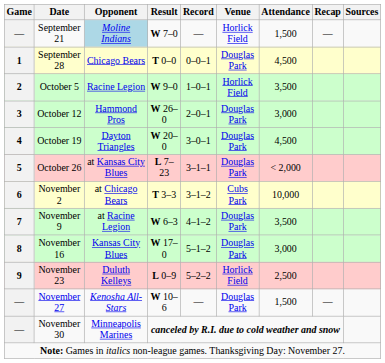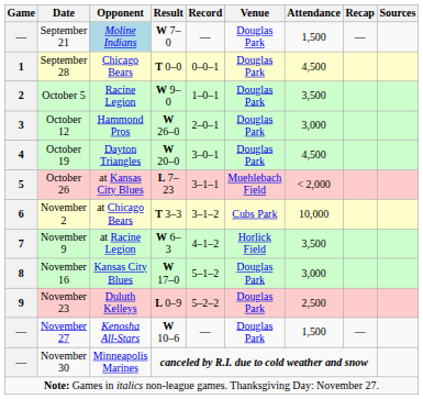 <table class="wikitable" style="text-align:center">
 <tr>
 <th>Game</th>
 <th>Date</th>
 <th>Opponent</th>
 <th>Result</th>
 <th>Record</th>
 <th>Venue</th>
 <th>Attendance</th>
 <th>Recap</th>
 <th>Sources</th>
 </tr>
 <tr>
 <th>—</th>
 <td>September 21</td>
 <td style="background: lightblue;"><em><a href='#'>Moline Indians</a></em></td>
 <td><strong>W</strong> 7–0</td>
 <td>—</td>
-<td><a href='#'>Horlick Field</a></td>
+<td><a href='#'>Douglas Park</a></td>
 <td>1,500</td>
 <td>—</td>
 <td></td>
 </tr>
 <tr style="background:#ffc">
 <th>1</th>
 <td>September 28</td>
 <td><a href='#'>Chicago Bears</a></td>
 <td><strong>T</strong> 0–0</td>
 <td>0–0–1</td>
 <td><a href='#'>Douglas Park</a></td>
 <td>4,500</td>
 <td></td>
 <td></td>
 </tr>
 <tr style="background:#cfc">
 <th>2</th>
 <td>October 5</td>
 <td><a href='#'>Racine Legion</a></td>
 <td><strong>W</strong> 9–0</td>
 <td>1–0–1</td>
-<td><a href='#'>Horlick Field</a></td>
+<td><a href='#'>Douglas Park</a></td>
 <td>3,500</td>
 <td></td>
 <td></td>
 </tr>
 <tr style="background:#cfc">
 <th>3</th>
 <td>October 12</td>
 <td><a href='#'>Hammond Pros</a></td>
 <td><strong>W</strong> 26–0</td>
 <td>2–0–1</td>
 <td><a href='#'>Douglas Park</a></td>
 <td>3,000</td>
 <td></td>
 <td></td>
 </tr>
 <tr style="background:#cfc">
 <th>4</th>
 <td>October 19</td>
 <td><a href='#'>Dayton Triangles</a></td>
 <td><strong>W</strong> 20–0</td>
 <td>3–0–1</td>
 <td><a href='#'>Douglas Park</a></td>
 <td>4,500</td>
 <td></td>
 <td></td>
 </tr>
 <tr style="background:#fcc">
 <th>5</th>
 <td>October 26</td>
 <td>at <a href='#'>Kansas City Blues</a></td>
 <td><strong>L</strong> 7–23</td>
 <td>3–1–1</td>
-<td><a href='#'>Douglas Park</a></td>
+<td><a href='#'>Muehlebach Field</a></td>
 <td>< 2,000</td>
 <td></td>
 <td></td>
 </tr>
 <tr style="background:#ffc">
 <th>6</th>
 <td>November 2</td>
 <td>at <a href='#'>Chicago Bears</a></td>
 <td><strong>T</strong> 3–3</td>
 <td>3–1–2</td>
 <td><a href='#'>Cubs Park</a></td>
 <td>10,000</td>
 <td></td>
 <td></td>
 </tr>
 <tr style="background:#cfc">
 <th>7</th>
 <td>November 9</td>
 <td>at <a href='#'>Racine Legion</a></td>
 <td><strong>W</strong> 6–3</td>
 <td>4–1–2</td>
-<td><a href='#'>Douglas Park</a></td>
+<td><a href='#'>Horlick Field</a></td>
 <td>3,500</td>
 <td></td>
 <td></td>
 </tr>
 <tr style="background:#cfc">
 <th>8</th>
 <td>November 16</td>
 <td><a href='#'>Kansas City Blues</a></td>
 <td><strong>W</strong> 17–0</td>
 <td>5–1–2</td>
 <td><a href='#'>Douglas Park</a></td>
 <td>3,000</td>
 <td></td>
 <td></td>
 </tr>
 <tr style="background:#fcc">
 <th>9</th>
 <td>November 23</td>
 <td><a href='#'>Duluth Kelleys</a></td>
 <td><strong>L</strong> 0–9</td>
 <td>5–2–2</td>
-<td><a href='#'>Horlick Field</a></td>
+<td><a href='#'>Douglas Park</a></td>
 <td>2,500</td>
 <td></td>
 <td></td>
 </tr>
 <tr>
 <th>—</th>
 <td><a href='#'>November 27</a></td>
 <td><em><a href='#'>Kenosha All-Stars</a></em></td>
 <td><strong>W</strong> 10–6</td>
 <td>—</td>
 <td><a href='#'>Douglas Park</a></td>
 <td>1,500</td>
 <td>—</td>
 <td></td>
 </tr>
 <tr>
 <th>—</th>
 <td>November 30</td>
 <td><a href='#'>Minneapolis Marines</a></td>
 <td colspan="5"><strong><em>canceled by R.I. due to cold weather and snow</em></strong></td>
 <td></td>
 </tr>
 <tr>
 <td colspan="10"><strong>Note:</strong> Games in <em>italics</em> non-league games. Thanksgiving Day: November 27.</td>
 </tr>
 </table>
